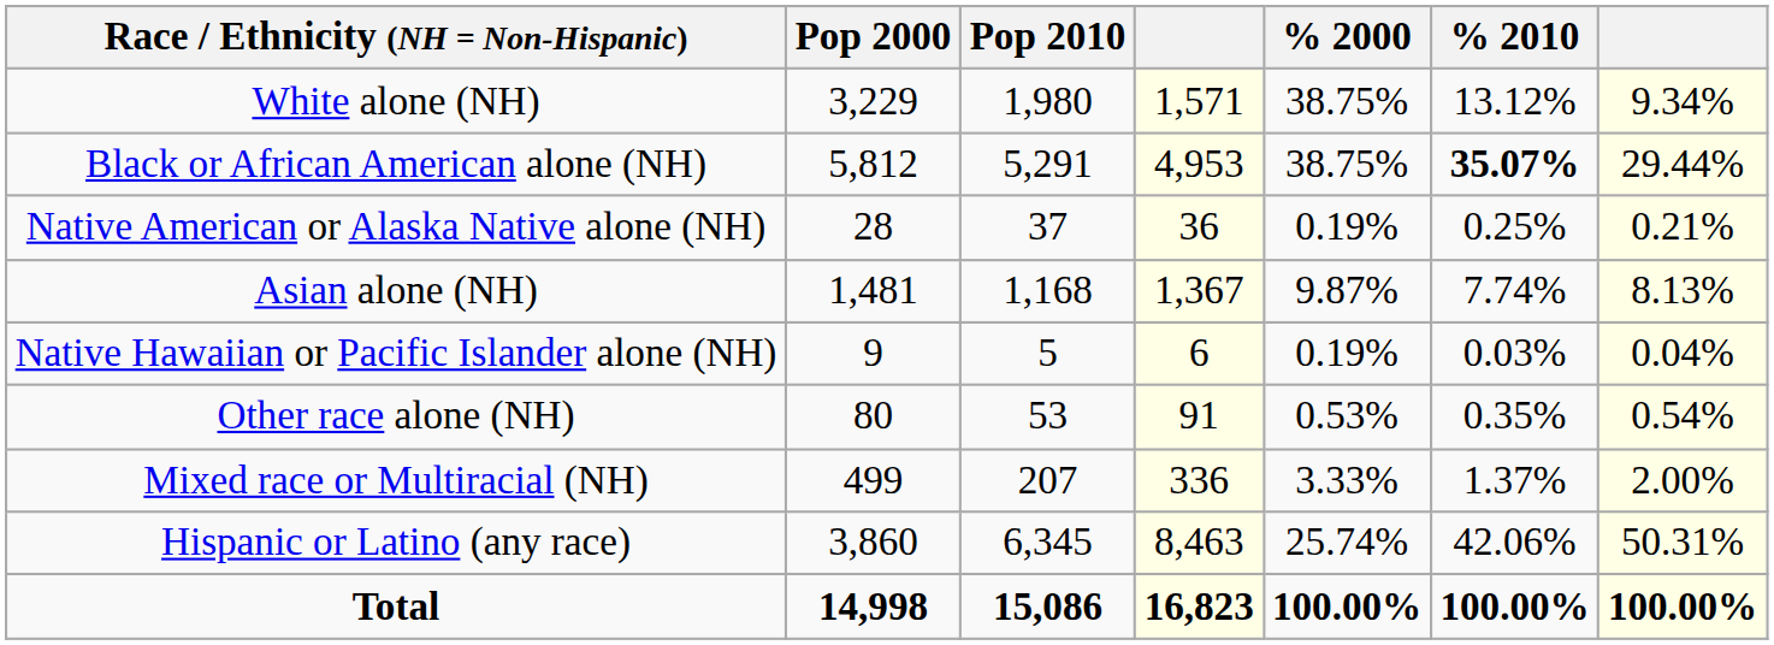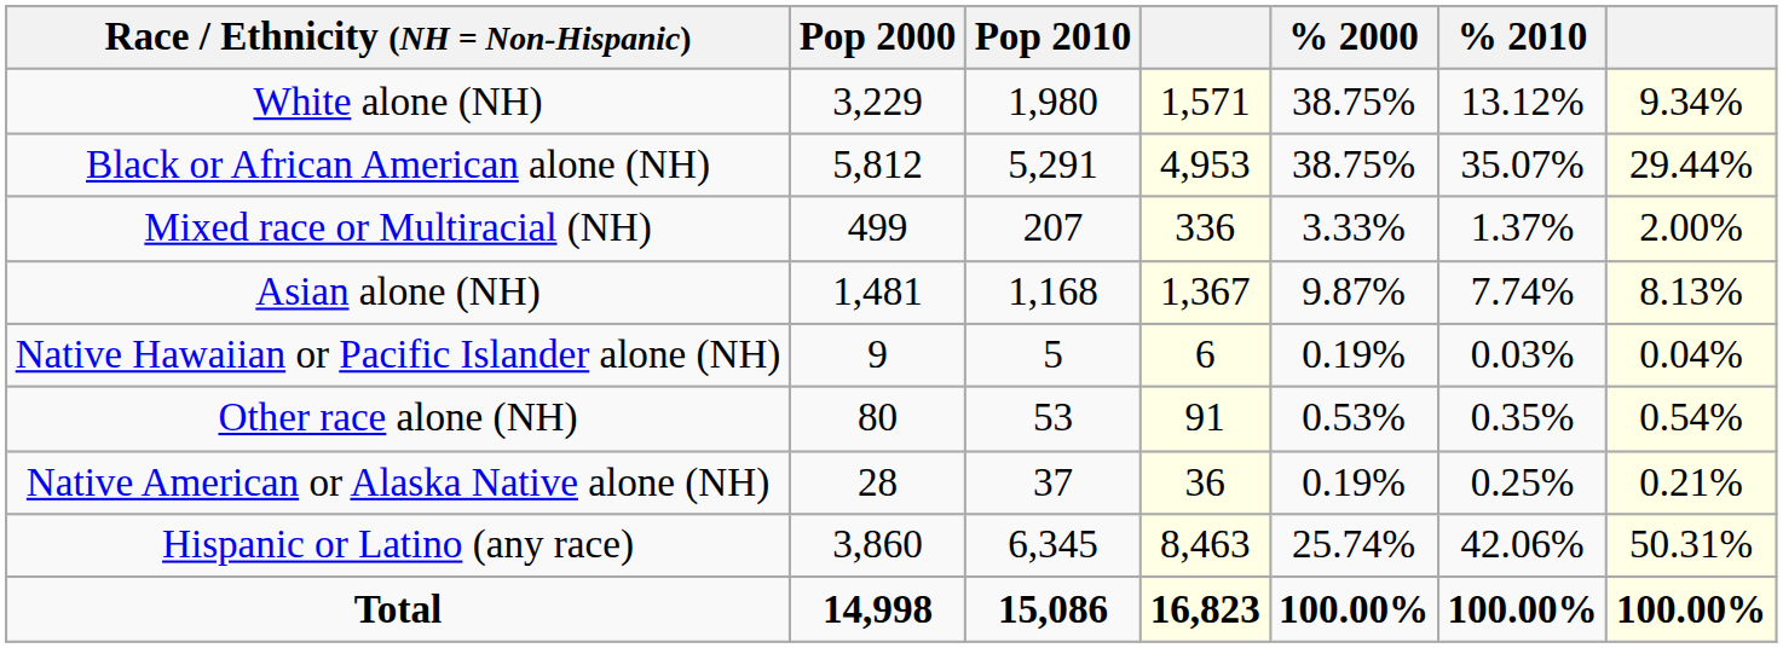 <table class="wikitable" style="text-align:center;">
 <tr>
 <th>Race / Ethnicity <small>(<em>NH = Non-Hispanic</em>)</small></th>
 <th>Pop 2000</th>
 <th>Pop 2010</th>
 <th></th>
 <th>% 2000</th>
 <th>% 2010</th>
 <th></th>
 </tr>
 <tr>
 <td><a href='#'>White</a> alone (NH)</td>
 <td>3,229</td>
 <td>1,980</td>
 <td style='background: #ffffe6;'>1,571</td>
 <td>38.75%</td>
 <td>13.12%</td>
 <td style='background: #ffffe6;'>9.34%</td>
 </tr>
 <tr>
 <td><a href='#'>Black or African American</a> alone (NH)</td>
 <td>5,812</td>
 <td>5,291</td>
 <td style='background: #ffffe6;'>4,953</td>
 <td>38.75%</td>
-<td><strong>35.07%</strong></td>
+<td>35.07%</td>
 <td style='background: #ffffe6;'>29.44%</td>
 </tr>
 <tr>
-<td><a href='#'>Native American</a> or <a href='#'>Alaska Native</a> alone (NH)</td>
-<td>28</td>
-<td>37</td>
-<td style='background: #ffffe6;'>36</td>
-<td>0.19%</td>
-<td>0.25%</td>
-<td style='background: #ffffe6;'>0.21%</td>
+<td><a href='#'>Mixed race or Multiracial</a> (NH)</td>
+<td>499</td>
+<td>207</td>
+<td style='background: #ffffe6;'>336</td>
+<td>3.33%</td>
+<td>1.37%</td>
+<td style='background: #ffffe6;'>2.00%</td>
 </tr>
 <tr>
 <td><a href='#'>Asian</a> alone (NH)</td>
 <td>1,481</td>
 <td>1,168</td>
 <td style='background: #ffffe6;'>1,367</td>
 <td>9.87%</td>
 <td>7.74%</td>
 <td style='background: #ffffe6;'>8.13%</td>
 </tr>
 <tr>
 <td><a href='#'>Native Hawaiian</a> or <a href='#'>Pacific Islander</a> alone (NH)</td>
 <td>9</td>
 <td>5</td>
 <td style='background: #ffffe6;'>6</td>
 <td>0.19%</td>
 <td>0.03%</td>
 <td style='background: #ffffe6;'>0.04%</td>
 </tr>
 <tr>
 <td><a href='#'>Other race</a> alone (NH)</td>
 <td>80</td>
 <td>53</td>
 <td style='background: #ffffe6;'>91</td>
 <td>0.53%</td>
 <td>0.35%</td>
 <td style='background: #ffffe6;'>0.54%</td>
 </tr>
 <tr>
-<td><a href='#'>Mixed race or Multiracial</a> (NH)</td>
-<td>499</td>
-<td>207</td>
-<td style='background: #ffffe6;'>336</td>
-<td>3.33%</td>
-<td>1.37%</td>
-<td style='background: #ffffe6;'>2.00%</td>
+<td><a href='#'>Native American</a> or <a href='#'>Alaska Native</a> alone (NH)</td>
+<td>28</td>
+<td>37</td>
+<td style='background: #ffffe6;'>36</td>
+<td>0.19%</td>
+<td>0.25%</td>
+<td style='background: #ffffe6;'>0.21%</td>
 </tr>
 <tr>
 <td><a href='#'>Hispanic or Latino</a> (any race)</td>
 <td>3,860</td>
 <td>6,345</td>
 <td style='background: #ffffe6;'>8,463</td>
 <td>25.74%</td>
 <td>42.06%</td>
 <td style='background: #ffffe6;'>50.31%</td>
 </tr>
 <tr>
 <td><strong>Total</strong></td>
 <td><strong>14,998</strong></td>
 <td><strong>15,086</strong></td>
 <td style='background: #ffffe6;'><strong>16,823</strong></td>
 <td><strong>100.00%</strong></td>
 <td><strong>100.00%</strong></td>
 <td style='background: #ffffe6;'><strong>100.00%</strong></td>
 </tr>
 </table>
